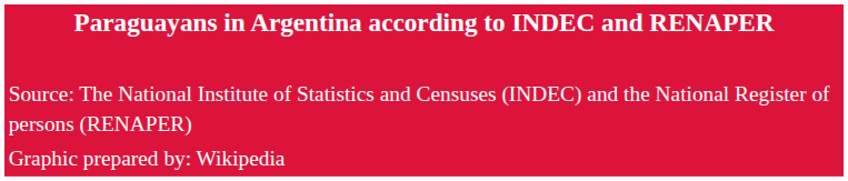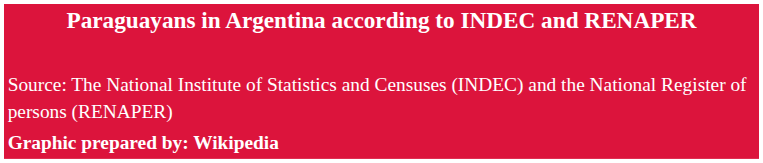 <table style="background:#dc143c; color:white; font-size:120%" align=center>
 <tr>
 <th>Paraguayans in Argentina according to INDEC and RENAPER</th>
 </tr>
 <tr align="center">
 <td><br></td>
 </tr>
 <tr>
 <td><small>Source: The National Institute of Statistics and Censuses (INDEC) and the National Register of persons (RENAPER)</small></td>
 </tr>
 <tr>
-<td><small>Graphic prepared by: Wikipedia</small></td>
+<td><strong><small>Graphic prepared by: Wikipedia</small></strong></td>
 </tr>
 </table>
